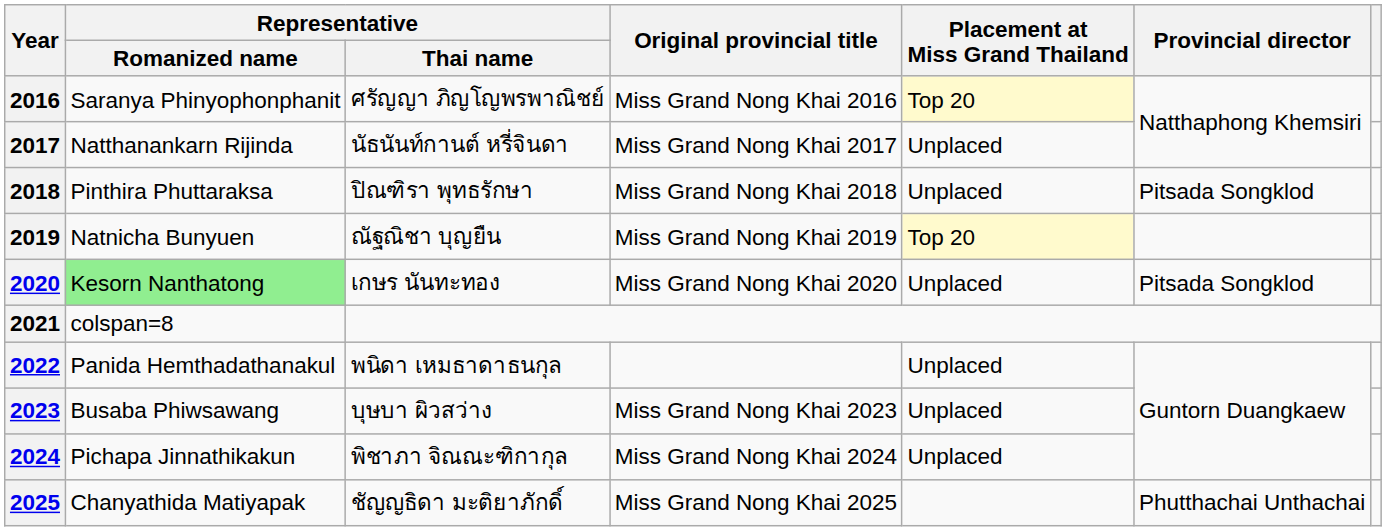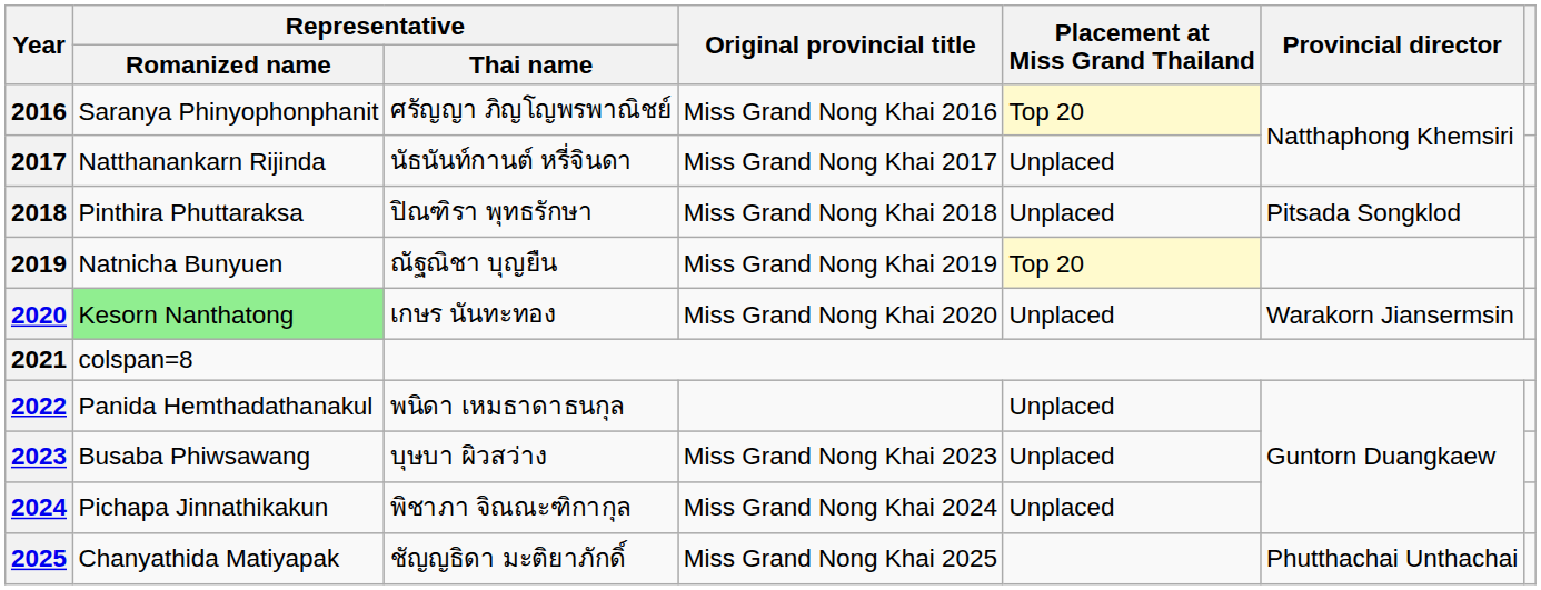 <table class="wikitable defaultcenter col2left col3left col6left" style="font-size:95%;">
 <tr>
 <th rowspan=2>Year</th>
 <th colspan=2>Representative</th>
 <th rowspan=2>Original provincial title</th>
 <th rowspan=2>Placement at<br>Miss Grand Thailand</th>
 <th rowspan=2>Provincial director</th>
 <th rowspan=2></th>
 </tr>
 <tr>
 <th>Romanized name</th>
 <th>Thai name</th>
 </tr>
 <tr>
 <th>2016</th>
 <td>Saranya Phinyophonphanit</td>
 <td>ศรัญญา ภิญโญพรพาณิชย์</td>
 <td>Miss Grand Nong Khai 2016</td>
 <td bgcolor=#FFFACD>Top 20</td>
 <td rowspan=2>Natthaphong Khemsiri</td>
 <td></td>
 </tr>
 <tr>
 <th>2017</th>
 <td>Natthanankarn Rijinda</td>
 <td>นัธนันท์กานต์ หรี่จินดา</td>
 <td>Miss Grand Nong Khai 2017</td>
 <td>Unplaced</td>
 <td></td>
 </tr>
 <tr>
 <th>2018</th>
 <td>Pinthira Phuttaraksa</td>
 <td>ปิณฑิรา พุทธรักษา</td>
 <td>Miss Grand Nong Khai 2018</td>
 <td>Unplaced</td>
 <td>Pitsada Songklod</td>
 <td></td>
 </tr>
 <tr>
 <th>2019</th>
 <td>Natnicha Bunyuen</td>
 <td>ณัฐณิชา บุญยืน</td>
 <td>Miss Grand Nong Khai 2019</td>
 <td bgcolor=#FFFACD>Top 20</td>
 <td></td>
 <td></td>
 </tr>
 <tr>
 <th><a href='#'>2020</a></th>
 <td style="background: lightgreen;">Kesorn Nanthatong</td>
 <td>เกษร นันทะทอง</td>
 <td>Miss Grand Nong Khai 2020</td>
 <td>Unplaced</td>
-<td>Pitsada Songklod</td>
+<td>Warakorn Jiansermsin</td>
 <td></td>
 </tr>
 <tr>
 <th>2021</th>
 <td>colspan=8 </td>
 </tr>
 <tr>
 <th><a href='#'>2022</a></th>
 <td>Panida Hemthadathanakul</td>
 <td>พนิดา เหมธาดาธนกุล</td>
 <td></td>
 <td>Unplaced</td>
 <td rowspan=3>Guntorn Duangkaew </td>
 <td></td>
 </tr>
 <tr>
 <th><a href='#'>2023</a></th>
 <td>Busaba Phiwsawang</td>
 <td>บุษบา ผิวสว่าง</td>
 <td>Miss Grand Nong Khai 2023</td>
 <td>Unplaced</td>
 <td></td>
 </tr>
 <tr>
 <th><a href='#'>2024</a></th>
 <td>Pichapa Jinnathikakun</td>
 <td>พิชาภา จิณณะฑิกากุล</td>
 <td>Miss Grand Nong Khai 2024</td>
 <td>Unplaced</td>
 <td></td>
 </tr>
 <tr>
 <th><a href='#'>2025</a></th>
 <td>Chanyathida Matiyapak</td>
 <td>ชัญญธิดา มะติยาภักดิ์</td>
 <td>Miss Grand Nong Khai 2025</td>
 <td></td>
 <td>Phutthachai Unthachai</td>
 </tr>
 </table>
